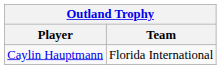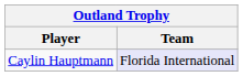 <table class="wikitable" style="text-align: center;">
 <tr>
 <th colspan="2"><strong><a href='#'>Outland Trophy</a></strong></th>
 </tr>
 <tr>
 <th>Player</th>
 <th>Team</th>
 </tr>
 <tr>
 <td><a href='#'>Caylin Hauptmann</a></td>
-<td>Florida International</td>
+<td style="background: lavender;">Florida International</td>
 </tr>
 </table>
